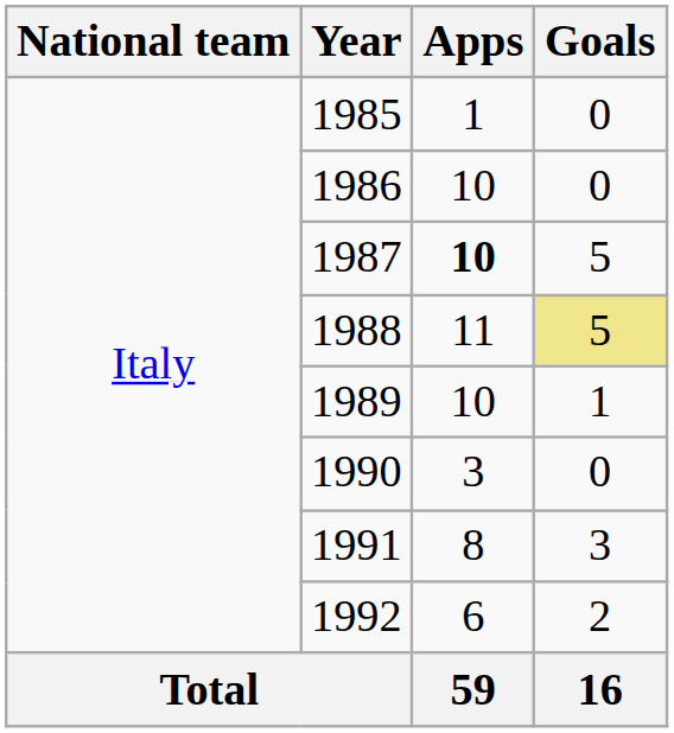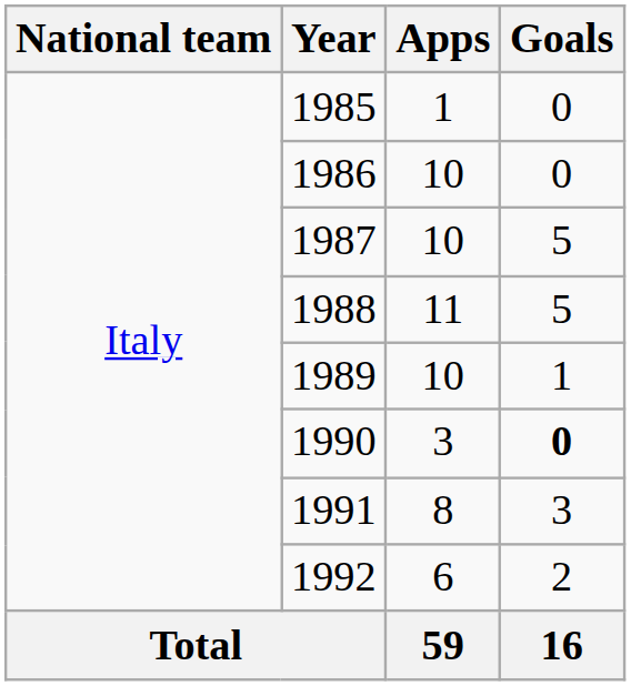 <table class="wikitable" style="text-align:center">
 <tr>
 <th>National team</th>
 <th>Year</th>
 <th>Apps</th>
 <th>Goals</th>
 </tr>
 <tr>
 <td rowspan="8"><a href='#'>Italy</a></td>
 <td>1985</td>
 <td>1</td>
 <td>0</td>
 </tr>
 <tr>
 <td>1986</td>
 <td>10</td>
 <td>0</td>
 </tr>
 <tr>
 <td>1987</td>
-<td><strong>10</strong></td>
+<td>10</td>
 <td>5</td>
 </tr>
 <tr>
 <td>1988</td>
 <td>11</td>
-<td style="background: khaki;">5</td>
+<td>5</td>
 </tr>
 <tr>
 <td>1989</td>
 <td>10</td>
 <td>1</td>
 </tr>
 <tr>
 <td>1990</td>
 <td>3</td>
-<td>0</td>
+<td><strong>0</strong></td>
 </tr>
 <tr>
 <td>1991</td>
 <td>8</td>
 <td>3</td>
 </tr>
 <tr>
 <td>1992</td>
 <td>6</td>
 <td>2</td>
 </tr>
 <tr>
 <th colspan="2">Total</th>
 <th>59</th>
 <th>16</th>
 </tr>
 </table>
